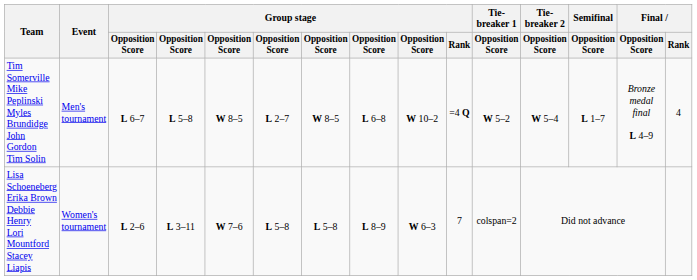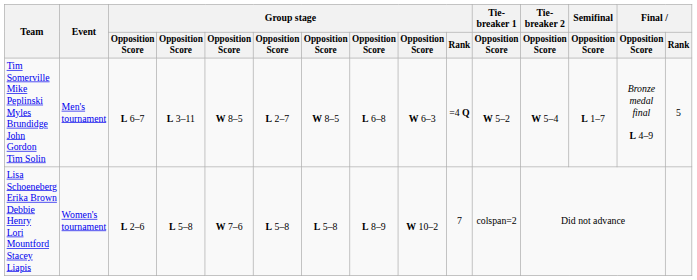 <table class=wikitable style=font-size:90%;text-align:center>
 <tr>
 <th rowspan=2>Team</th>
 <th rowspan=2>Event</th>
 <th colspan=8>Group stage</th>
 <th>Tie-breaker 1</th>
 <th>Tie-breaker 2</th>
 <th>Semifinal</th>
 <th colspan=2>Final / </th>
 </tr>
 <tr style=font-size:95%>
 <th>Opposition<br>Score</th>
 <th>Opposition<br>Score</th>
 <th>Opposition<br>Score</th>
 <th>Opposition<br>Score</th>
 <th>Opposition<br>Score</th>
 <th>Opposition<br>Score</th>
 <th>Opposition<br>Score</th>
 <th>Rank</th>
 <th>Opposition<br>Score</th>
 <th>Opposition<br>Score</th>
 <th>Opposition<br>Score</th>
 <th>Opposition<br>Score</th>
 <th>Rank</th>
 </tr>
 <tr>
 <td align=left><a href='#'>Tim Somerville</a><br><a href='#'>Mike Peplinski</a><br><a href='#'>Myles Brundidge</a><br><a href='#'>John Gordon</a><br><a href='#'>Tim Solin</a></td>
 <td align=left><a href='#'>Men's tournament</a></td>
 <td><br><strong>L</strong> 6–7</td>
-<td><br><strong>L</strong> 5–8</td>
+<td><br><strong>L</strong> 3–11</td>
 <td><br><strong>W</strong> 8–5</td>
 <td><br><strong>L</strong> 2–7</td>
 <td><br><strong>W</strong> 8–5</td>
 <td><br><strong>L</strong> 6–8</td>
-<td><br><strong>W</strong> 10–2</td>
+<td><br><strong>W</strong> 6–3</td>
 <td>=4 <strong>Q</strong></td>
 <td><br><strong>W</strong> 5–2</td>
 <td><br><strong>W</strong> 5–4</td>
 <td><br><strong>L</strong> 1–7</td>
 <td><em>Bronze medal final</em><br><br><strong>L</strong> 4–9</td>
-<td>4</td>
+<td>5</td>
 </tr>
 <tr>
 <td align=left><a href='#'>Lisa Schoeneberg</a><br><a href='#'>Erika Brown</a><br><a href='#'>Debbie Henry</a><br><a href='#'>Lori Mountford</a><br><a href='#'>Stacey Liapis</a></td>
 <td align=left><a href='#'>Women's tournament</a></td>
 <td><br><strong>L</strong> 2–6</td>
-<td><br><strong>L</strong> 3–11</td>
+<td><br><strong>L</strong> 5–8</td>
 <td><br><strong>W</strong> 7–6</td>
 <td><br><strong>L</strong> 5–8</td>
 <td><br><strong>L</strong> 5–8</td>
 <td><br><strong>L</strong> 8–9</td>
-<td><br><strong>W</strong> 6–3</td>
+<td><br><strong>W</strong> 10–2</td>
 <td>7</td>
 <td>colspan=2 </td>
 <td colspan=3>Did not advance</td>
 </tr>
 </table>
